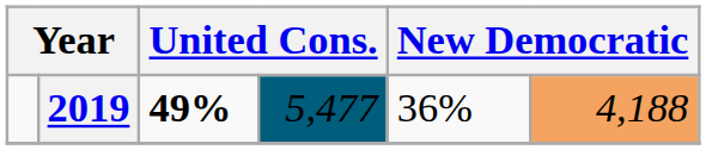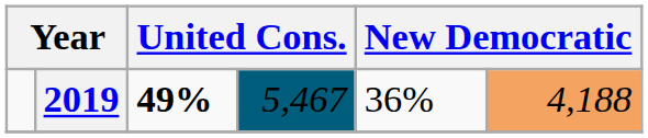 <table class="wikitable" style="float:right; width:400; font-size:90%; margin-left:1em;">
 <tr>
 <th colspan="2" scope="col">Year</th>
 <th colspan="2" scope="col"><a href='#'>United Cons.</a></th>
 <th colspan="2" scope="col"><a href='#'>New Democratic</a></th>
 </tr>
 <tr>
 <td style="width: 0.25em; background-color: "></td>
 <th><a href='#'>2019</a></th>
 <td><span> <strong>49%</strong></span></td>
-<td style="text-align:right; background:#005D7C;"><span> <em>5,477</em></span></td>
+<td style="text-align:right; background:#005D7C;"><span> <em>5,467</em></span></td>
 <td>36%</td>
 <td style="text-align:right; background:#F4A460;"><em>4,188</em></td>
 </tr>
 <tr>
 </tr>
 </table>
